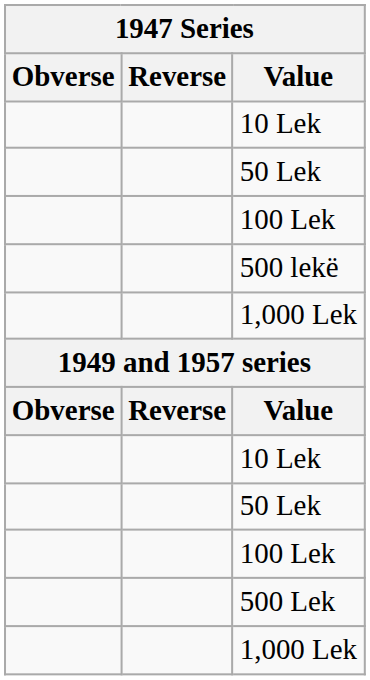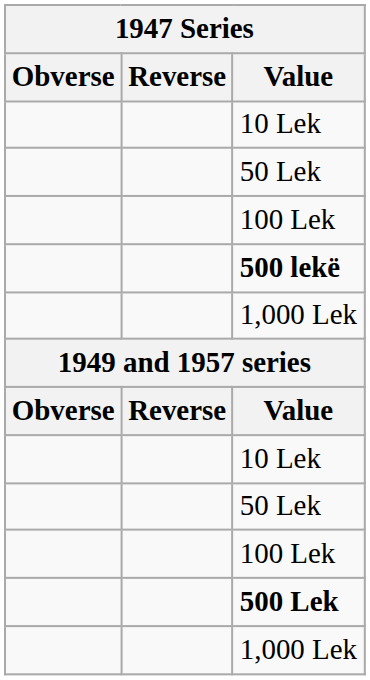 <table class="wikitable" style="font-size: 90%">
 <tr>
 <th colspan="3">1947 Series</th>
 </tr>
 <tr>
 <th>Obverse</th>
 <th>Reverse</th>
 <th>Value</th>
 </tr>
 <tr style="background:#f9f9f9;">
 <td></td>
 <td></td>
 <td>10 Lek</td>
 </tr>
 <tr style="background:#f9f9f9;">
 <td></td>
 <td></td>
 <td>50 Lek</td>
 </tr>
 <tr style="background:#f9f9f9;">
 <td></td>
 <td></td>
 <td>100 Lek</td>
 </tr>
 <tr style="background:#f9f9f9;">
 <td></td>
 <td></td>
-<td>500 lekë</td>
+<td><strong>500 lekë</strong></td>
 </tr>
 <tr style="background:#f9f9f9;">
 <td></td>
 <td></td>
 <td>1,000 Lek</td>
 </tr>
 <tr>
 <th colspan="46">1949 and 1957 series</th>
 </tr>
 <tr>
 <th>Obverse</th>
 <th>Reverse</th>
 <th>Value</th>
 </tr>
 <tr style="background:#f9f9f9;">
 <td></td>
 <td></td>
 <td>10 Lek</td>
 </tr>
 <tr style="background:#f9f9f9;">
 <td></td>
 <td></td>
 <td>50 Lek</td>
 </tr>
 <tr style="background:#f9f9f9;">
 <td></td>
 <td></td>
 <td>100 Lek</td>
 </tr>
 <tr style="background:#f9f9f9;">
 <td></td>
 <td></td>
-<td>500 Lek</td>
+<td><strong>500 Lek</strong></td>
 </tr>
 <tr style="background:#f9f9f9;">
 <td></td>
 <td></td>
 <td>1,000 Lek</td>
 </tr>
 </table>
